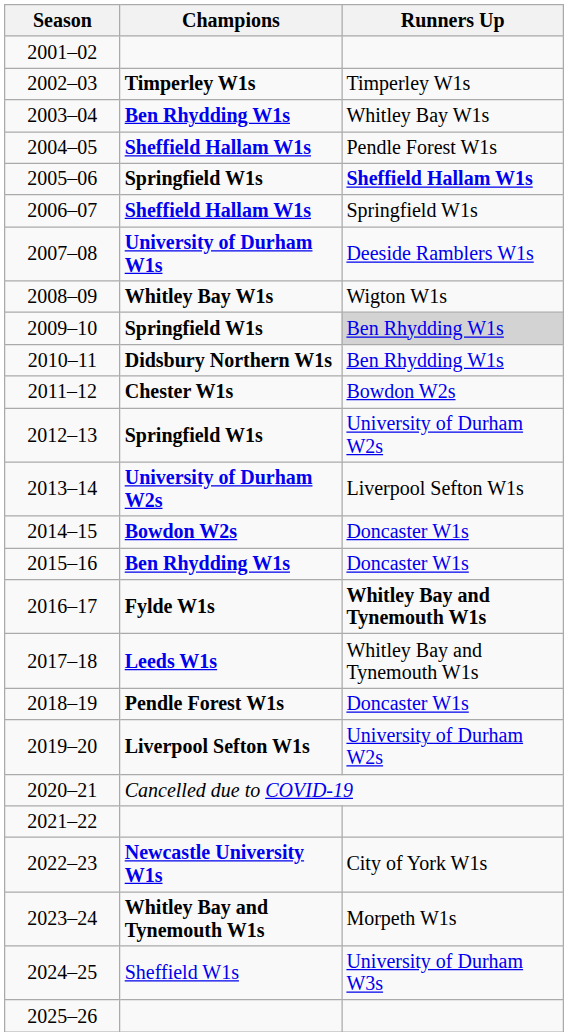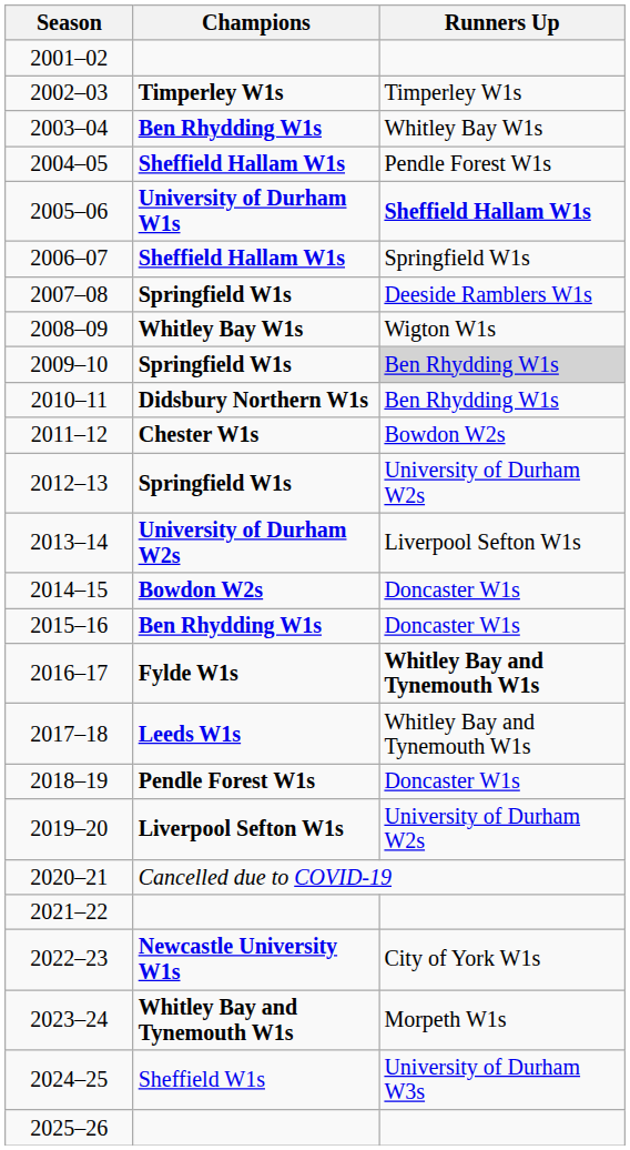 <table class="wikitable" style="text-align:centre; margin-left:1em;">
 <tr>
 <th style="width:85px">Season</th>
 <th style="width:170px">Champions</th>
 <th style="width:170px">Runners Up</th>
 </tr>
 <tr>
 <td style="text-align:center">2001–02</td>
 <td></td>
 <td></td>
 </tr>
 <tr>
 <td style="text-align:center">2002–03</td>
 <td><strong>Timperley W1s</strong></td>
 <td>Timperley W1s</td>
 </tr>
 <tr>
 <td style="text-align:center">2003–04</td>
 <td><strong><a href='#'>Ben Rhydding W1s</a></strong></td>
 <td>Whitley Bay W1s</td>
 </tr>
 <tr>
 <td style="text-align:center">2004–05</td>
 <td><strong><a href='#'>Sheffield Hallam W1s</a></strong></td>
 <td>Pendle Forest W1s</td>
 </tr>
 <tr>
 <td style="text-align:center">2005–06</td>
-<td><strong>Springfield W1s</strong></td>
+<td><strong><a href='#'>University of Durham W1s</a></strong></td>
 <td><strong><a href='#'>Sheffield Hallam W1s</a></strong></td>
 </tr>
 <tr>
 <td style="text-align:center">2006–07</td>
 <td><strong><a href='#'>Sheffield Hallam W1s</a></strong></td>
 <td>Springfield W1s</td>
 </tr>
 <tr>
 <td style="text-align:center">2007–08</td>
-<td><strong><a href='#'>University of Durham W1s</a></strong></td>
+<td><strong>Springfield W1s</strong></td>
 <td><a href='#'>Deeside Ramblers W1s</a></td>
 </tr>
 <tr>
 <td style="text-align:center">2008–09</td>
 <td><strong>Whitley Bay W1s</strong></td>
 <td>Wigton W1s</td>
 </tr>
 <tr>
 <td style="text-align:center">2009–10</td>
 <td><strong>Springfield W1s</strong></td>
 <td style="background: lightgrey;"><a href='#'>Ben Rhydding W1s</a></td>
 </tr>
 <tr>
 <td style="text-align:center">2010–11</td>
 <td><strong>Didsbury Northern W1s</strong></td>
 <td><a href='#'>Ben Rhydding W1s</a></td>
 </tr>
 <tr>
 <td style="text-align:center">2011–12</td>
 <td><strong>Chester W1s</strong></td>
 <td><a href='#'>Bowdon W2s</a></td>
 </tr>
 <tr>
 <td style="text-align:center">2012–13</td>
 <td><strong>Springfield W1s</strong></td>
 <td><a href='#'>University of Durham W2s</a></td>
 </tr>
 <tr>
 <td style="text-align:center">2013–14</td>
 <td><strong><a href='#'>University of Durham W2s</a></strong></td>
 <td>Liverpool Sefton W1s</td>
 </tr>
 <tr>
 <td style="text-align:center">2014–15</td>
 <td><strong><a href='#'>Bowdon W2s</a></strong></td>
 <td><a href='#'>Doncaster W1s</a></td>
 </tr>
 <tr>
 <td style="text-align:center">2015–16</td>
 <td><strong><a href='#'>Ben Rhydding W1s</a></strong></td>
 <td><a href='#'>Doncaster W1s</a></td>
 </tr>
 <tr>
 <td style="text-align:center">2016–17</td>
 <td><strong>Fylde W1s</strong></td>
 <td><strong>Whitley Bay and Tynemouth W1s</strong></td>
 </tr>
 <tr>
 <td style="text-align:center">2017–18</td>
 <td><strong><a href='#'>Leeds W1s</a></strong></td>
 <td>Whitley Bay and Tynemouth W1s</td>
 </tr>
 <tr>
 <td style="text-align:center">2018–19</td>
 <td><strong>Pendle Forest W1s</strong></td>
 <td><a href='#'>Doncaster W1s</a></td>
 </tr>
 <tr>
 <td style="text-align:center">2019–20</td>
 <td><strong>Liverpool Sefton W1s</strong></td>
 <td><a href='#'>University of Durham W2s</a></td>
 </tr>
 <tr>
 <td style="text-align:center">2020–21</td>
 <td colspan=2><em>Cancelled due to <a href='#'>COVID-19</a></em></td>
 </tr>
 <tr>
 <td style="text-align:center">2021–22</td>
 <td></td>
 <td></td>
 </tr>
 <tr>
 <td style="text-align:center">2022–23</td>
 <td><strong><a href='#'>Newcastle University W1s</a></strong></td>
 <td>City of York W1s</td>
 </tr>
 <tr>
 <td style="text-align:center">2023–24</td>
 <td><strong>Whitley Bay and Tynemouth W1s</strong></td>
 <td>Morpeth W1s</td>
 </tr>
 <tr>
 <td style="text-align:center">2024–25</td>
 <td><a href='#'>Sheffield W1s</a></td>
 <td><a href='#'>University of Durham W3s</a></td>
 </tr>
 <tr>
 <td style="text-align:center">2025–26</td>
 <td></td>
 <td></td>
 </tr>
 </table>
